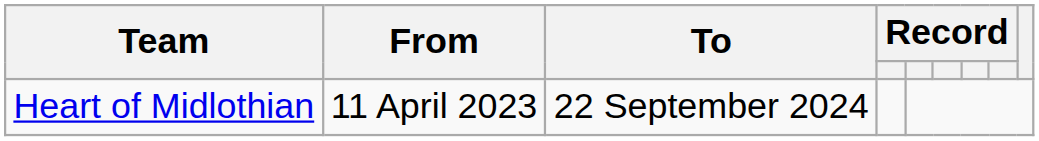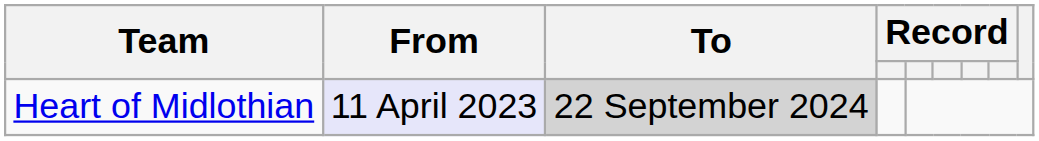 <table class=wikitable style="text-align: left">
 <tr>
 <th rowspan=2>Team</th>
 <th rowspan=2>From</th>
 <th rowspan=2>To</th>
 <th colspan=5>Record</th>
 <th rowspan=2></th>
 </tr>
 <tr>
 <th></th>
 <th></th>
 <th></th>
 <th></th>
 <th></th>
 </tr>
 <tr>
 <td><a href='#'>Heart of Midlothian</a></td>
-<td>11 April 2023</td>
-<td>22 September 2024<br></td>
+<td style="background: lavender;">11 April 2023</td>
+<td style="background: lightgrey;">22 September 2024<br></td>
 <td></td>
 </tr>
 </table>
